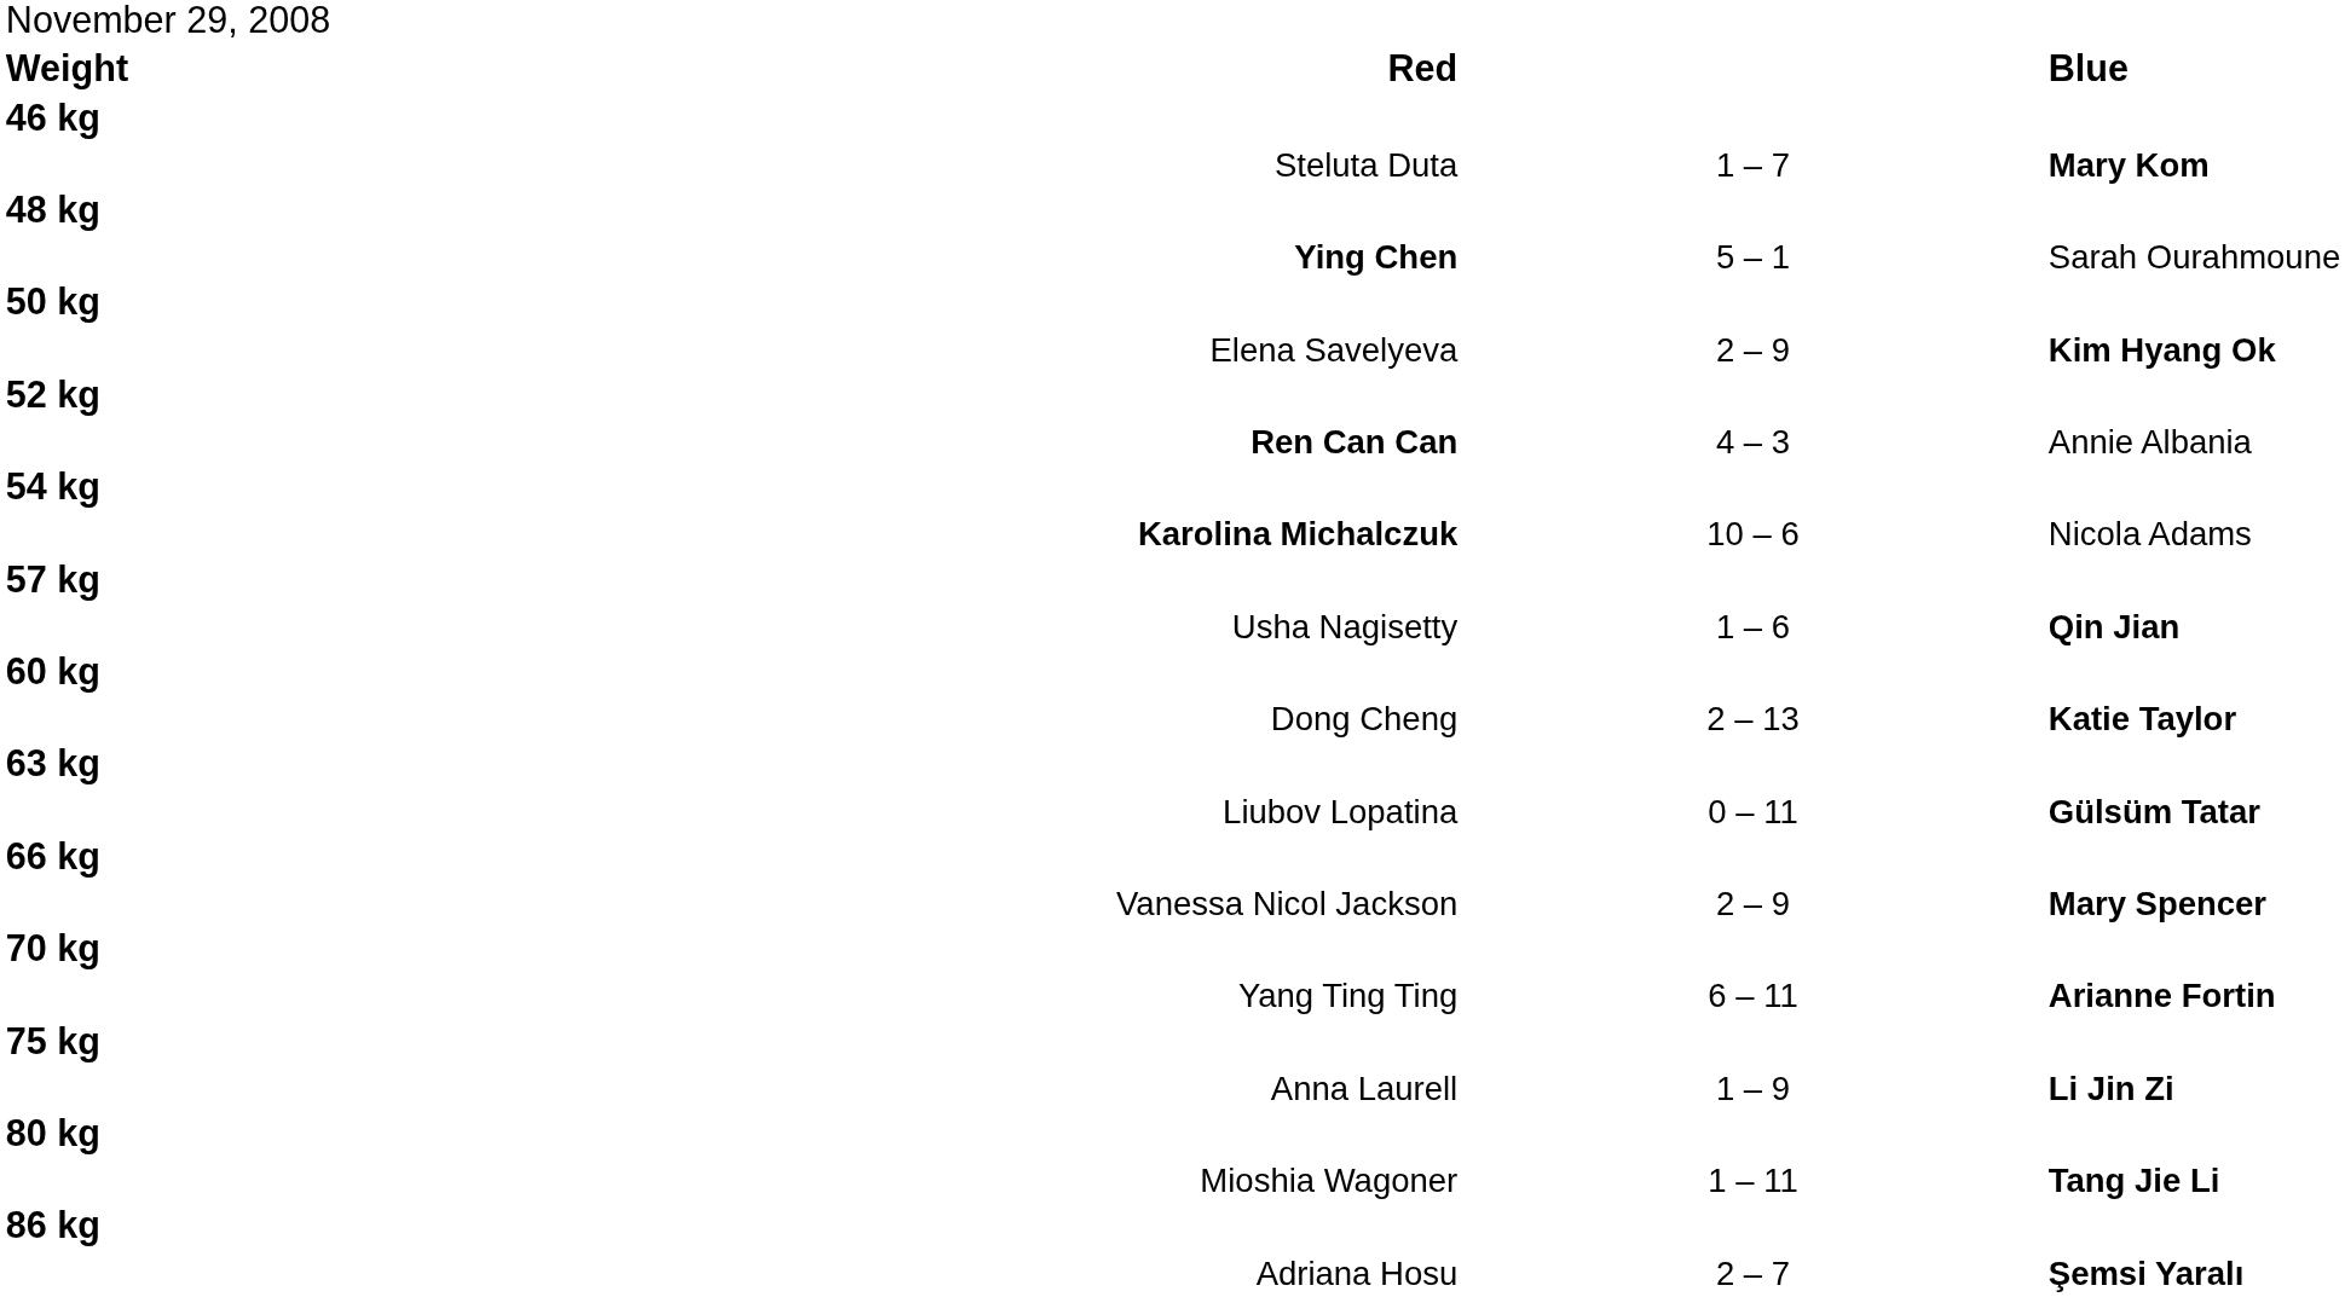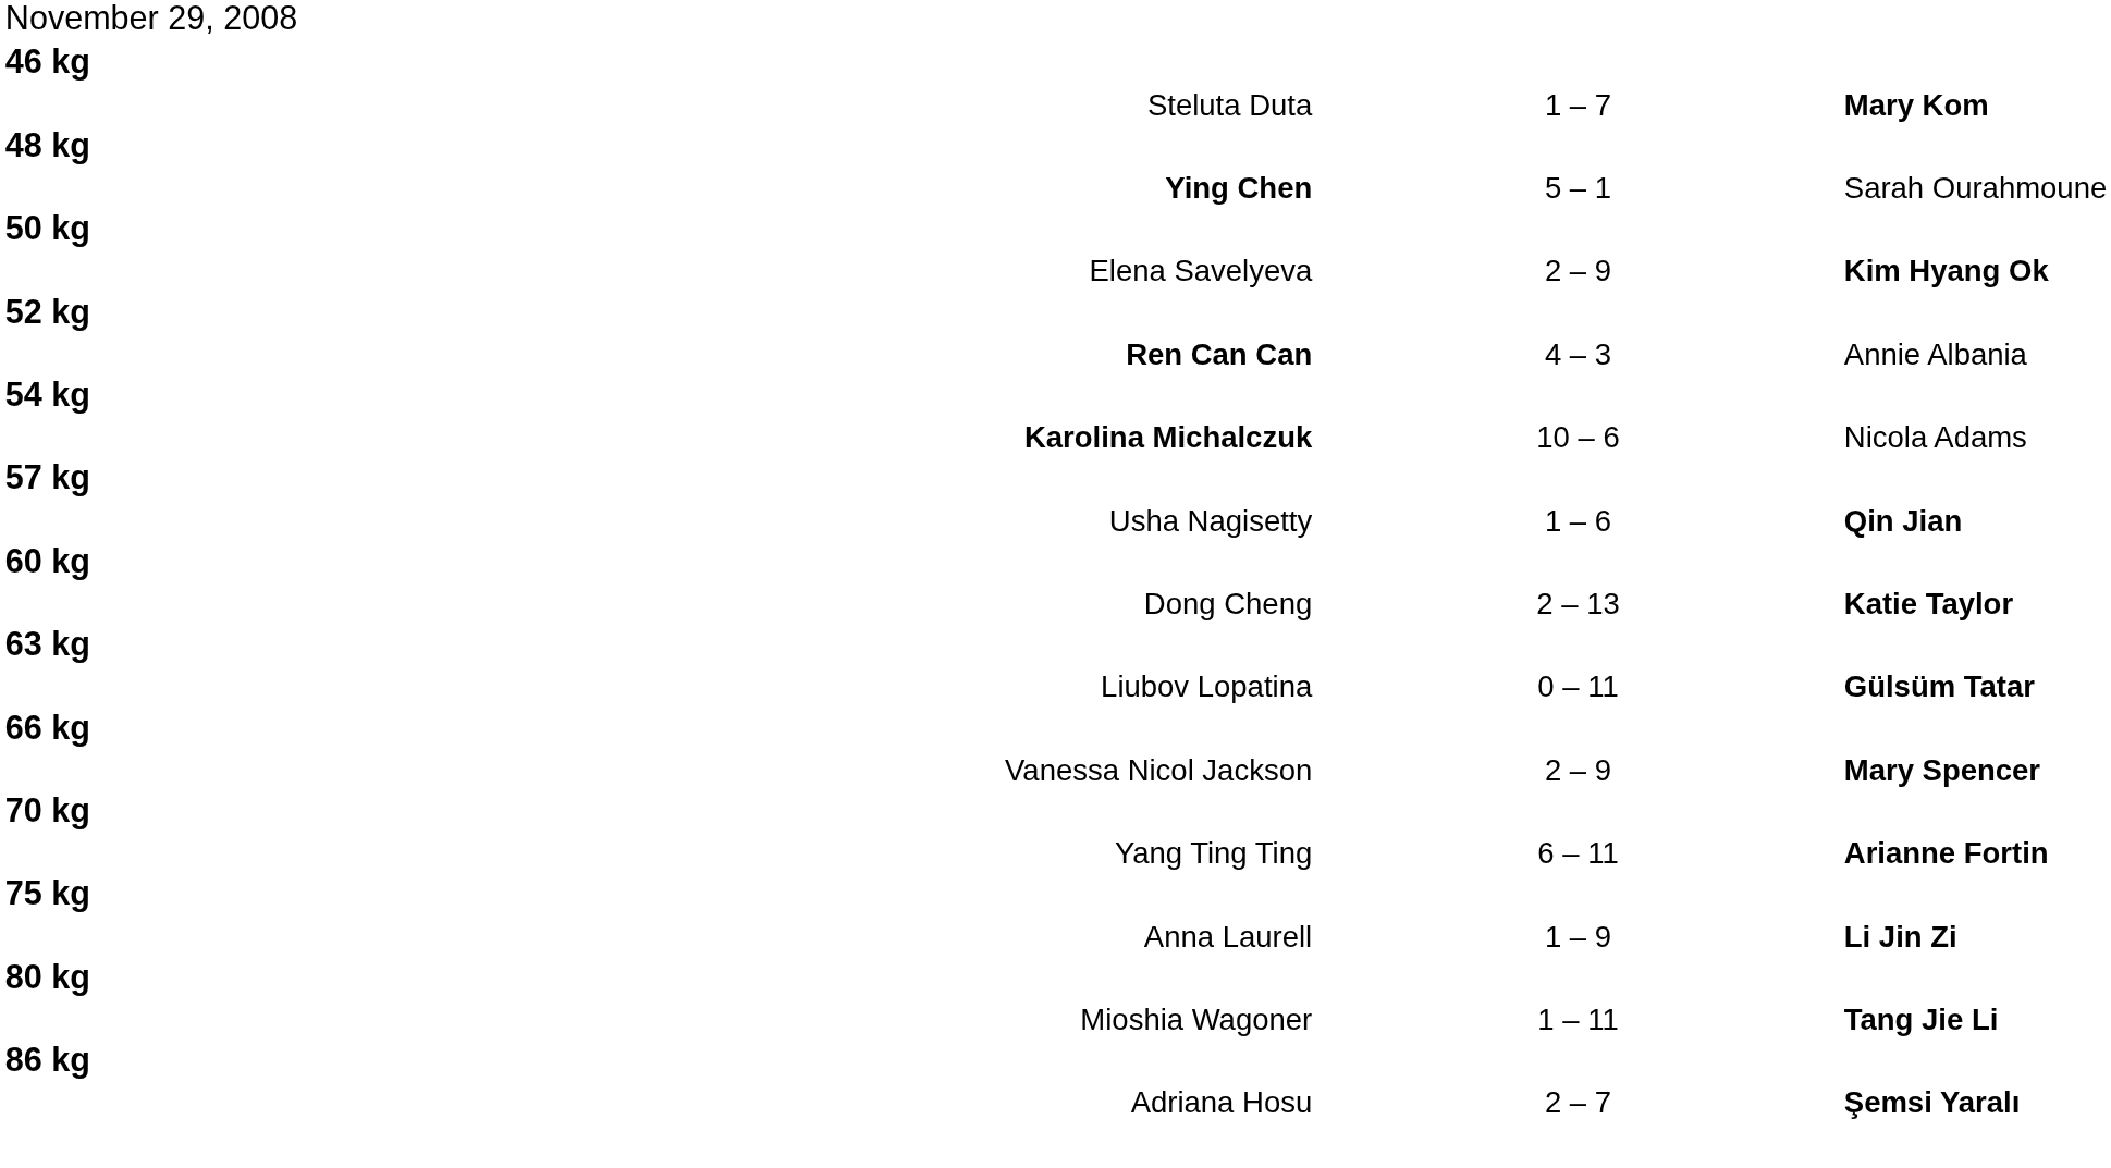 <table width=100% cellspacing=1>
 <tr>
 <th width=20%></th>
 <th width=30%></th>
 <th width=20%></th>
 <th width=30%></th>
 </tr>
 <tr>
 <td>November 29, 2008</td>
-</tr>
-<tr>
-<td><strong>Weight</strong></td>
-<td align=right><strong>Red</strong></td>
-<td></td>
-<td><strong>Blue</strong></td>
 </tr>
 <tr>
 <td><strong>46 kg</strong></td>
 </tr>
 <tr style=font-size:90%>
 <td></td>
 <td align=right>Steluta Duta </td>
 <td align=center>1 – 7</td>
 <td> <strong>Mary Kom</strong></td>
 </tr>
 <tr>
 <td><strong>48 kg</strong></td>
 </tr>
 <tr style=font-size:90%>
 <td></td>
 <td align=right><strong>Ying Chen</strong> </td>
 <td align=center>5 – 1</td>
 <td> Sarah Ourahmoune</td>
 </tr>
 <tr>
 <td><strong>50 kg</strong></td>
 </tr>
 <tr style=font-size:90%>
 <td></td>
 <td align=right>Elena Savelyeva </td>
 <td align=center>2 – 9</td>
 <td> <strong>Kim Hyang Ok</strong></td>
 </tr>
 <tr>
 <td><strong>52 kg</strong></td>
 </tr>
 <tr style=font-size:90%>
 <td></td>
 <td align=right><strong>Ren Can Can</strong> </td>
 <td align=center>4 – 3</td>
 <td> Annie Albania</td>
 </tr>
 <tr>
 <td><strong>54 kg</strong></td>
 </tr>
 <tr style=font-size:90%>
 <td></td>
 <td align=right><strong>Karolina Michalczuk</strong> </td>
 <td align=center>10 – 6</td>
 <td> Nicola Adams</td>
 </tr>
 <tr>
 <td><strong>57 kg</strong></td>
 </tr>
 <tr style=font-size:90%>
 <td></td>
 <td align=right>Usha Nagisetty </td>
 <td align=center>1 – 6</td>
 <td> <strong>Qin Jian</strong></td>
 </tr>
 <tr>
 <td><strong>60 kg</strong></td>
 </tr>
 <tr style=font-size:90%>
 <td></td>
 <td align=right>Dong Cheng </td>
 <td align=center>2 – 13</td>
 <td> <strong>Katie Taylor</strong></td>
 </tr>
 <tr>
 <td><strong>63 kg</strong></td>
 </tr>
 <tr style=font-size:90%>
 <td></td>
 <td align=right>Liubov Lopatina </td>
 <td align=center>0 – 11</td>
 <td> <strong>Gülsüm Tatar</strong></td>
 </tr>
 <tr>
 <td><strong>66 kg</strong></td>
 </tr>
 <tr style=font-size:90%>
 <td></td>
 <td align=right>Vanessa Nicol Jackson </td>
 <td align=center>2 – 9</td>
 <td> <strong>Mary Spencer</strong></td>
 </tr>
 <tr>
 <td><strong>70 kg</strong></td>
 </tr>
 <tr style=font-size:90%>
 <td></td>
 <td align=right>Yang Ting Ting </td>
 <td align=center>6 – 11</td>
 <td> <strong>Arianne Fortin</strong></td>
 </tr>
 <tr>
 <td><strong>75 kg</strong></td>
 </tr>
 <tr style=font-size:90%>
 <td></td>
 <td align=right>Anna Laurell </td>
 <td align=center>1 – 9</td>
 <td> <strong>Li Jin Zi</strong></td>
 </tr>
 <tr>
 <td><strong>80 kg</strong></td>
 </tr>
 <tr style=font-size:90%>
 <td></td>
 <td align=right>Mioshia Wagoner </td>
 <td align=center>1 – 11</td>
 <td> <strong>Tang Jie Li</strong></td>
 </tr>
 <tr>
 <td><strong>86 kg</strong></td>
 </tr>
 <tr style=font-size:90%>
 <td></td>
 <td align=right>Adriana Hosu </td>
 <td align=center>2 – 7</td>
 <td> <strong>Şemsi Yaralı</strong></td>
 </tr>
 </table>
